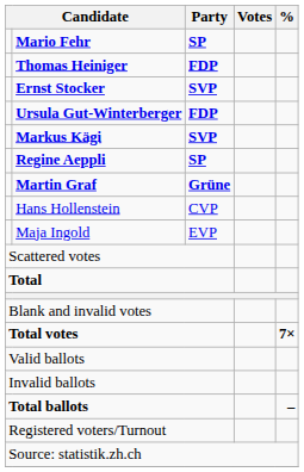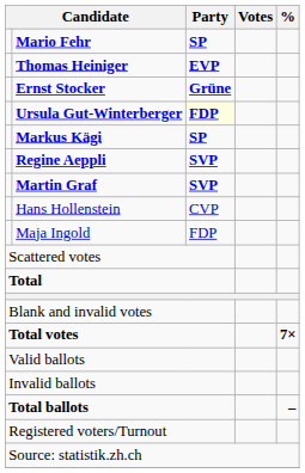 <table class="wikitable" style="text-align:right;">
 <tr>
 <th colspan="2">Candidate</th>
 <th>Party</th>
 <th>Votes</th>
 <th>%</th>
 </tr>
 <tr style="font-weight:bold;">
 <td style="background-color:"></td>
 <td style="text-align:left;"><a href='#'>Mario Fehr</a></td>
 <td style="text-align:left;"><a href='#'>SP</a></td>
 <td></td>
 <td></td>
 </tr>
 <tr style="font-weight:bold;">
 <td style="background-color:"></td>
 <td style="text-align:left;"><a href='#'>Thomas Heiniger</a></td>
-<td style="text-align:left;"><a href='#'>FDP</a></td>
+<td style="text-align:left;"><a href='#'>EVP</a></td>
 <td></td>
 <td></td>
 </tr>
 <tr style="font-weight:bold;">
 <td style="background-color:"></td>
 <td style="text-align:left;"><a href='#'>Ernst Stocker</a></td>
+<td style="text-align:left;"><a href='#'>Grüne</a></td>
+<td></td>
+<td></td>
+</tr>
+<tr style="font-weight:bold;">
+<td style="background-color:"></td>
+<td style="text-align:left;"><a href='#'>Ursula Gut-Winterberger</a></td>
+<td style="background: lightyellow; text-align:left;"><a href='#'>FDP</a></td>
+<td></td>
+<td></td>
+</tr>
+<tr style="font-weight:bold;">
+<td style="background-color:"></td>
+<td style="text-align:left;"><a href='#'>Markus Kägi</a></td>
+<td style="text-align:left;"><a href='#'>SP</a></td>
+<td></td>
+<td></td>
+</tr>
+<tr style="font-weight:bold;">
+<td style="background-color:"></td>
+<td style="text-align:left;"><a href='#'>Regine Aeppli</a></td>
 <td style="text-align:left;"><a href='#'>SVP</a></td>
 <td></td>
 <td></td>
 </tr>
 <tr style="font-weight:bold;">
 <td style="background-color:"></td>
-<td style="text-align:left;"><a href='#'>Ursula Gut-Winterberger</a></td>
-<td style="text-align:left;"><a href='#'>FDP</a></td>
-<td></td>
-<td></td>
-</tr>
-<tr style="font-weight:bold;">
-<td style="background-color:"></td>
-<td style="text-align:left;"><a href='#'>Markus Kägi</a></td>
+<td style="text-align:left;"><a href='#'>Martin Graf</a></td>
 <td style="text-align:left;"><a href='#'>SVP</a></td>
-<td></td>
-<td></td>
-</tr>
-<tr style="font-weight:bold;">
-<td style="background-color:"></td>
-<td style="text-align:left;"><a href='#'>Regine Aeppli</a></td>
-<td style="text-align:left;"><a href='#'>SP</a></td>
-<td></td>
-<td></td>
-</tr>
-<tr style="font-weight:bold;">
-<td style="background-color:"></td>
-<td style="text-align:left;"><a href='#'>Martin Graf</a></td>
-<td style="text-align:left;"><a href='#'>Grüne</a></td>
 <td></td>
 <td></td>
 </tr>
 <tr>
 <td style="background-color:"></td>
 <td style="text-align:left;"><a href='#'>Hans Hollenstein</a></td>
 <td style="text-align:left;"><a href='#'>CVP</a></td>
 <td></td>
 <td></td>
 </tr>
 <tr>
 <td style="background-color:"></td>
 <td style="text-align:left;"><a href='#'>Maja Ingold</a></td>
-<td style="text-align:left;"><a href='#'>EVP</a></td>
+<td style="text-align:left;"><a href='#'>FDP</a></td>
 <td></td>
 <td></td>
 </tr>
 <tr>
 <td colspan="3" style="text-align:left;">Scattered votes</td>
 <td></td>
 <td></td>
 </tr>
 <tr style="font-weight:bold;">
 <td colspan="3" style="text-align:left;">Total</td>
 <td></td>
 <td></td>
 </tr>
 <tr>
 <th colspan="10"></th>
 </tr>
 <tr>
 <td colspan="3" style="text-align:left;">Blank and invalid votes</td>
 <td></td>
 <td></td>
 </tr>
 <tr style="font-weight:bold;">
 <td colspan="3" style="text-align:left;">Total votes</td>
 <td></td>
 <td>7×</td>
 </tr>
 <tr>
 <td colspan="3" style="text-align:left;">Valid ballots</td>
 <td></td>
 <td></td>
 </tr>
 <tr>
 <td colspan="3" style="text-align:left;">Invalid ballots</td>
 <td></td>
 <td></td>
 </tr>
 <tr style="font-weight:bold;">
 <td colspan="3" style="text-align:left;">Total ballots</td>
 <td></td>
 <td>–</td>
 </tr>
 <tr>
 <td colspan="3" style="text-align:left;">Registered voters/Turnout</td>
 <td></td>
 <td></td>
 </tr>
 <tr>
 <td colspan="10" style="text-align:left;">Source: statistik.zh.ch</td>
 </tr>
 <tr>
 </tr>
 </table>
